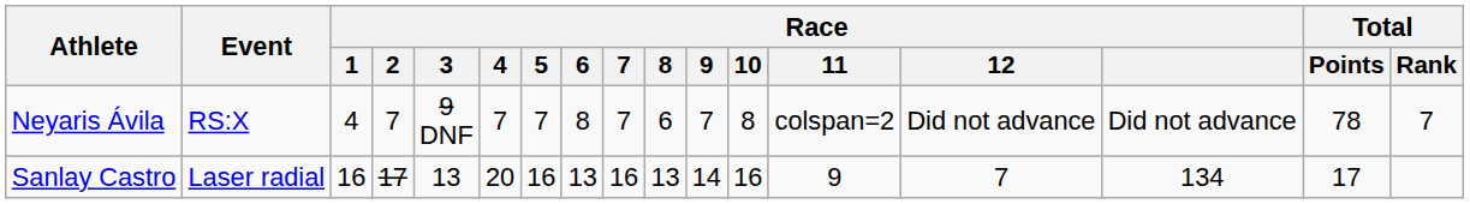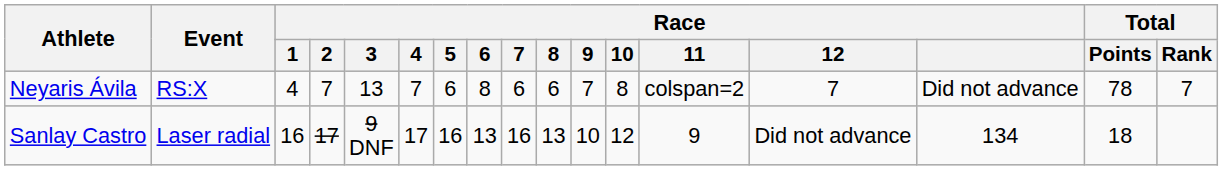 <table class=wikitable style=font-size:90%;text-align:center>
 <tr>
 <th rowspan=2>Athlete</th>
 <th rowspan=2>Event</th>
 <th colspan=13>Race</th>
 <th colspan=2>Total</th>
 </tr>
 <tr style=font-size:95%>
 <th>1</th>
 <th>2</th>
 <th>3</th>
 <th>4</th>
 <th>5</th>
 <th>6</th>
 <th>7</th>
 <th>8</th>
 <th>9</th>
 <th>10</th>
 <th>11</th>
 <th>12</th>
 <th></th>
 <th>Points</th>
 <th>Rank</th>
 </tr>
 <tr>
 <td align=left><a href='#'>Neyaris Ávila</a></td>
 <td align=left><a href='#'>RS:X</a></td>
 <td>4</td>
 <td>7</td>
-<td><s>9</s><br>DNF</td>
+<td>13</td>
 <td>7</td>
-<td>7</td>
+<td>6</td>
 <td>8</td>
-<td>7</td>
+<td>6</td>
 <td>6</td>
 <td>7</td>
 <td>8</td>
 <td>colspan=2 </td>
-<td>Did not advance</td>
+<td>7</td>
 <td>Did not advance</td>
 <td>78</td>
 <td>7</td>
 </tr>
 <tr>
 <td align=left><a href='#'>Sanlay Castro</a></td>
 <td align=left><a href='#'>Laser radial</a></td>
 <td>16</td>
 <td><s>17</s></td>
-<td>13</td>
-<td>20</td>
+<td><s>9</s><br>DNF</td>
+<td>17</td>
 <td>16</td>
 <td>13</td>
 <td>16</td>
 <td>13</td>
-<td>14</td>
-<td>16</td>
+<td>10</td>
+<td>12</td>
 <td>9</td>
-<td>7</td>
+<td>Did not advance</td>
 <td>134</td>
-<td>17</td>
+<td>18</td>
 </tr>
 </table>
